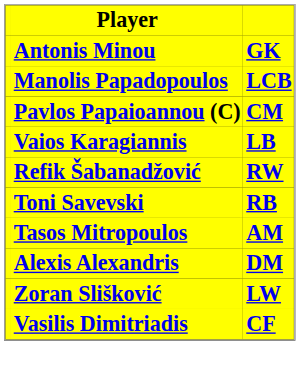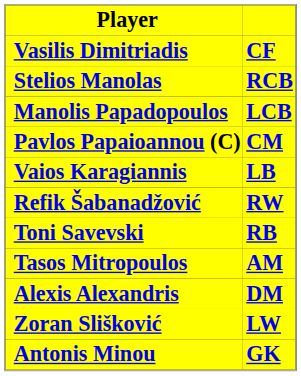 <table class="toccolours" border="0" cellpadding="2" cellspacing="0" align="center" style="margin: 0.5em 0 1em 1em; background: #000000; border: 1px #aaaaaa solid;">
 <tr bgcolor=#FFFF00>
 <th></th>
 <th>Player</th>
 <th></th>
 </tr>
 <tr bgcolor=#FFFF00>
 <td></td>
-<td><a href='#'><span><strong>Antonis Minou</strong></span></a></td>
-<td><a href='#'><strong>GK</strong></a></td>
+<td><a href='#'><span><strong>Vasilis Dimitriadis</strong></span></a></td>
+<td><a href='#'><strong>CF</strong></a></td>
+</tr>
+<tr bgcolor=#FFFF00>
+<td></td>
+<td><a href='#'><span><strong>Stelios Manolas</strong></span></a></td>
+<td><a href='#'><strong>RCB</strong></a></td>
 </tr>
 <tr bgcolor=#FFFF00>
 <td></td>
 <td><a href='#'><span><strong>Manolis Papadopoulos</strong></span></a></td>
 <td><a href='#'><strong>LCB</strong></a></td>
 </tr>
 <tr bgcolor=#FFFF00>
 <td></td>
 <td><a href='#'><span><strong>Pavlos Papaioannou</strong></span></a> <strong>(C)</strong></td>
 <td><a href='#'><strong>CM</strong></a></td>
 </tr>
 <tr bgcolor=#FFFF00>
 <td></td>
 <td><a href='#'><span><strong>Vaios Karagiannis</strong></span></a></td>
 <td><a href='#'><strong>LB</strong></a></td>
 </tr>
 <tr bgcolor=#FFFF00>
 <td></td>
 <td><a href='#'><span><strong>Refik Šabanadžović</strong></span></a></td>
 <td><a href='#'><strong>RW</strong></a></td>
 </tr>
 <tr bgcolor=#FFFF00>
 <td></td>
 <td><a href='#'><span><strong>Toni Savevski</strong></span></a></td>
 <td><a href='#'><strong>RB</strong></a></td>
 </tr>
 <tr bgcolor=#FFFF00>
 <td></td>
 <td><a href='#'><span><strong>Tasos Mitropoulos</strong></span></a></td>
 <td><a href='#'><strong>AM</strong></a></td>
 </tr>
 <tr bgcolor=#FFFF00>
 <td></td>
 <td><a href='#'><span><strong>Alexis Alexandris</strong></span></a></td>
 <td><a href='#'><strong>DM</strong></a></td>
 </tr>
 <tr bgcolor=#FFFF00>
 <td></td>
 <td><a href='#'><span><strong>Zoran Slišković</strong></span></a></td>
 <td><a href='#'><strong>LW</strong></a></td>
 </tr>
 <tr bgcolor=#FFFF00>
 <td></td>
-<td><a href='#'><span><strong>Vasilis Dimitriadis</strong></span></a></td>
-<td><a href='#'><strong>CF</strong></a></td>
+<td><a href='#'><span><strong>Antonis Minou</strong></span></a></td>
+<td><a href='#'><strong>GK</strong></a></td>
 </tr>
 </table>
